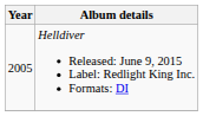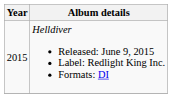 <table class="wikitable">
 <tr>
 <th rowspan="1">Year</th>
 <th rowspan="1">Album details</th>
 </tr>
 <tr>
-<td style="text-align:center;">2005</td>
+<td style="text-align:center;">2015</td>
 <td align="left"><em>Helldiver</em><br><ul><li>Released: June 9, 2015</li><li>Label: Redlight King Inc.</li><li>Formats: <a href='#'>DI</a></li></ul></td>
 </tr>
 <tr>
 </tr>
 </table>
